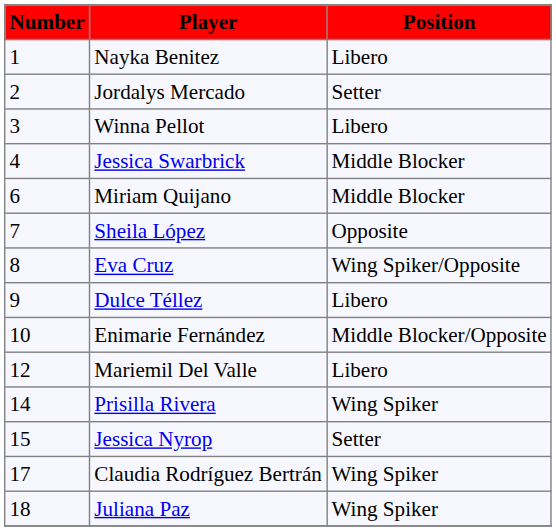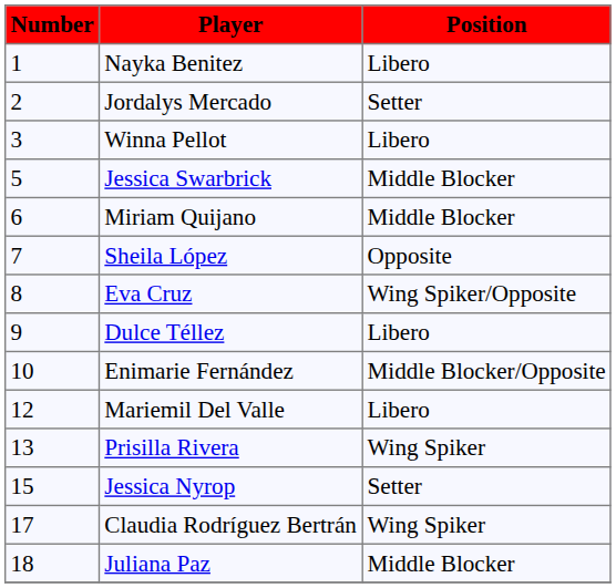 <table bgcolor="#f7f8ff" cellpadding="3" cellspacing="0" border="1" style="font-size: 95%; border: gray solid 1px; border-collapse: collapse;">
 <tr bgcolor="#ff0000">
 <td align=center><strong>Number</strong></td>
 <td align=center><strong>Player</strong></td>
 <td align=center><strong>Position</strong></td>
 </tr>
 <tr align="left">
 <td>1</td>
 <td> Nayka Benitez</td>
 <td>Libero</td>
 </tr>
 <tr align=left>
 <td>2</td>
 <td> Jordalys Mercado</td>
 <td>Setter</td>
 </tr>
 <tr align="left">
 <td>3</td>
 <td> Winna Pellot</td>
 <td>Libero</td>
 </tr>
 <tr align="left">
-<td>4</td>
+<td>5</td>
 <td> <a href='#'>Jessica Swarbrick</a></td>
 <td>Middle Blocker</td>
 </tr>
 <tr align="left">
 <td>6</td>
 <td> Miriam Quijano</td>
 <td>Middle Blocker</td>
 </tr>
 <tr align="left">
 <td>7</td>
 <td> <a href='#'>Sheila López</a></td>
 <td>Opposite</td>
 </tr>
 <tr align="left">
 <td>8</td>
 <td> <a href='#'>Eva Cruz</a></td>
 <td>Wing Spiker/Opposite</td>
 </tr>
 <tr align="left">
 <td>9</td>
 <td> <a href='#'>Dulce Téllez</a></td>
 <td>Libero</td>
 </tr>
 <tr align="left">
 <td>10</td>
 <td> Enimarie Fernández</td>
 <td>Middle Blocker/Opposite</td>
 </tr>
 <tr align="left">
 <td>12</td>
 <td> Mariemil Del Valle</td>
 <td>Libero</td>
 </tr>
 <tr align="left">
-<td>14</td>
+<td>13</td>
 <td> <a href='#'>Prisilla Rivera</a></td>
 <td>Wing Spiker</td>
 </tr>
 <tr align="left">
 <td>15</td>
 <td> <a href='#'>Jessica Nyrop</a></td>
 <td>Setter</td>
 </tr>
 <tr align="left">
 <td>17</td>
 <td> Claudia Rodríguez Bertrán</td>
 <td>Wing Spiker</td>
 </tr>
 <tr align="left">
 <td>18</td>
 <td> <a href='#'>Juliana Paz</a></td>
-<td>Wing Spiker</td>
+<td>Middle Blocker</td>
 </tr>
 <tr align="left">
 </tr>
 </table>
